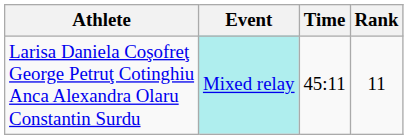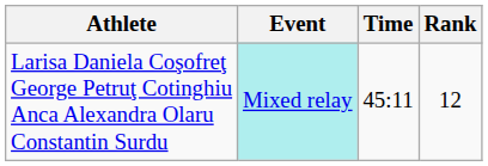 <table class="wikitable" style="font-size:90%">
 <tr>
 <th>Athlete</th>
 <th>Event</th>
 <th>Time</th>
 <th>Rank</th>
 </tr>
 <tr align=center>
 <td align=left><a href='#'>Larisa Daniela Coşofreţ</a><br><a href='#'>George Petruţ Cotinghiu</a><br><a href='#'>Anca Alexandra Olaru</a><br><a href='#'>Constantin Surdu</a></td>
 <td align=left style="background: paleturquoise;"><a href='#'>Mixed relay</a></td>
 <td>45:11</td>
-<td>11</td>
+<td>12</td>
 </tr>
 </table>
